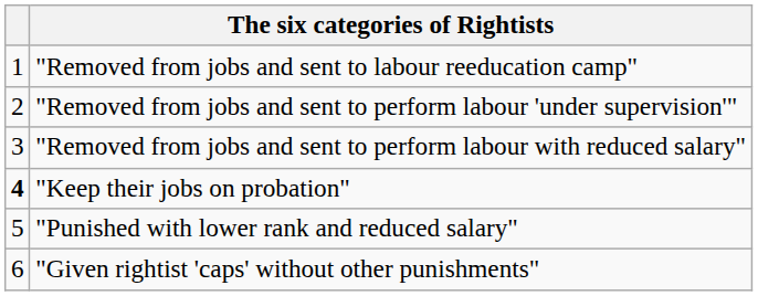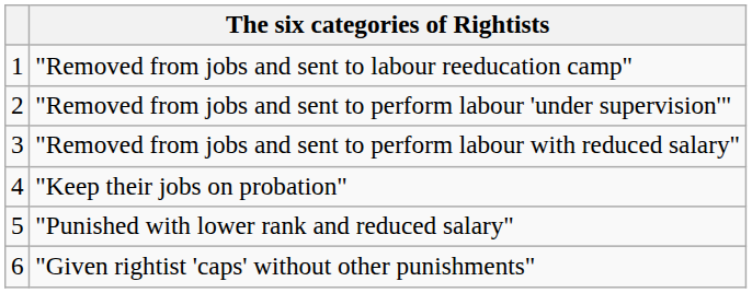 <table class="wikitable">
 <tr>
 <th></th>
 <th>The six categories of Rightists</th>
 </tr>
 <tr>
 <td>1</td>
 <td>"Removed from jobs and sent to labour reeducation camp"</td>
 </tr>
 <tr>
 <td>2</td>
 <td>"Removed from jobs and sent to perform labour 'under supervision'"</td>
 </tr>
 <tr>
 <td>3</td>
 <td>"Removed from jobs and sent to perform labour with reduced salary"</td>
 </tr>
 <tr>
-<td><strong>4</strong></td>
+<td>4</td>
 <td>"Keep their jobs on probation"</td>
 </tr>
 <tr>
 <td>5</td>
 <td>"Punished with lower rank and reduced salary"</td>
 </tr>
 <tr>
 <td>6</td>
 <td>"Given rightist 'caps' without other punishments"</td>
 </tr>
 </table>
